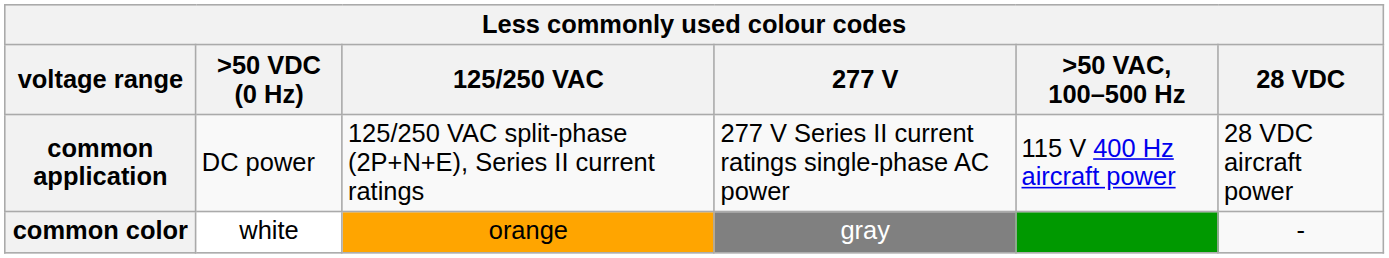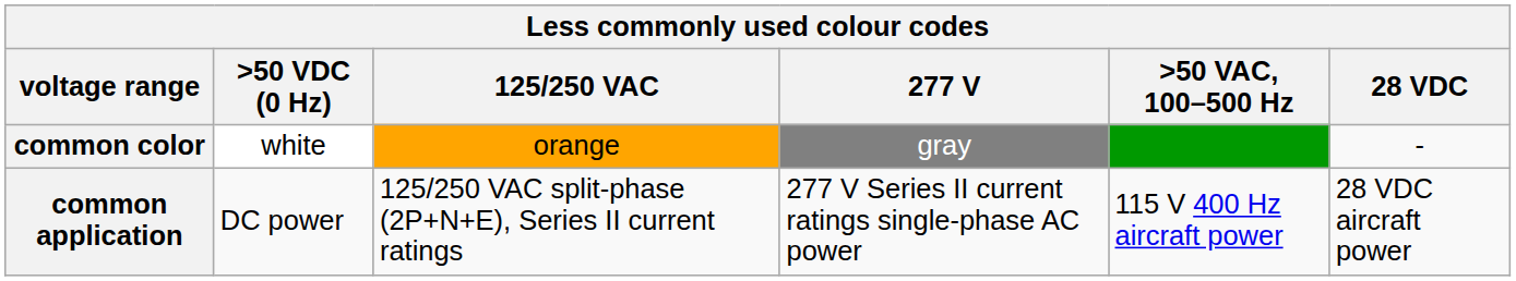 <table class="wikitable">
 <tr>
 <th colspan="6">Less commonly used colour codes</th>
 </tr>
 <tr>
 <th>voltage range</th>
 <th>>50 VDC (0 Hz)</th>
 <th>125/250 VAC</th>
 <th>277 V</th>
 <th>>50 VAC,<br>100–500 Hz</th>
 <th>28 VDC</th>
 </tr>
+<tr style="text-align:center;">
+<th>common color</th>
+<td style="background: white; color: black;">white</td>
+<td style="background: orange; color: black;">orange</td>
+<td style="background: gray; color: white;">gray</td>
+<td style="background: #090; color: white;"></td>
+<td>-</td>
+</tr>
 <tr>
 <th>common application</th>
 <td>DC power</td>
 <td>125/250 VAC split-phase (2P+N+E), Series II current ratings</td>
 <td>277 V Series II current ratings single-phase AC power</td>
 <td>115 V <a href='#'>400 Hz aircraft power</a></td>
 <td>28 VDC aircraft power</td>
 </tr>
-<tr style="text-align:center;">
-<th>common color</th>
-<td style="background: white; color: black;">white</td>
-<td style="background: orange; color: black;">orange</td>
-<td style="background: gray; color: white;">gray</td>
-<td style="background: #090; color: white;"></td>
-<td>-</td>
-</tr>
 </table>
